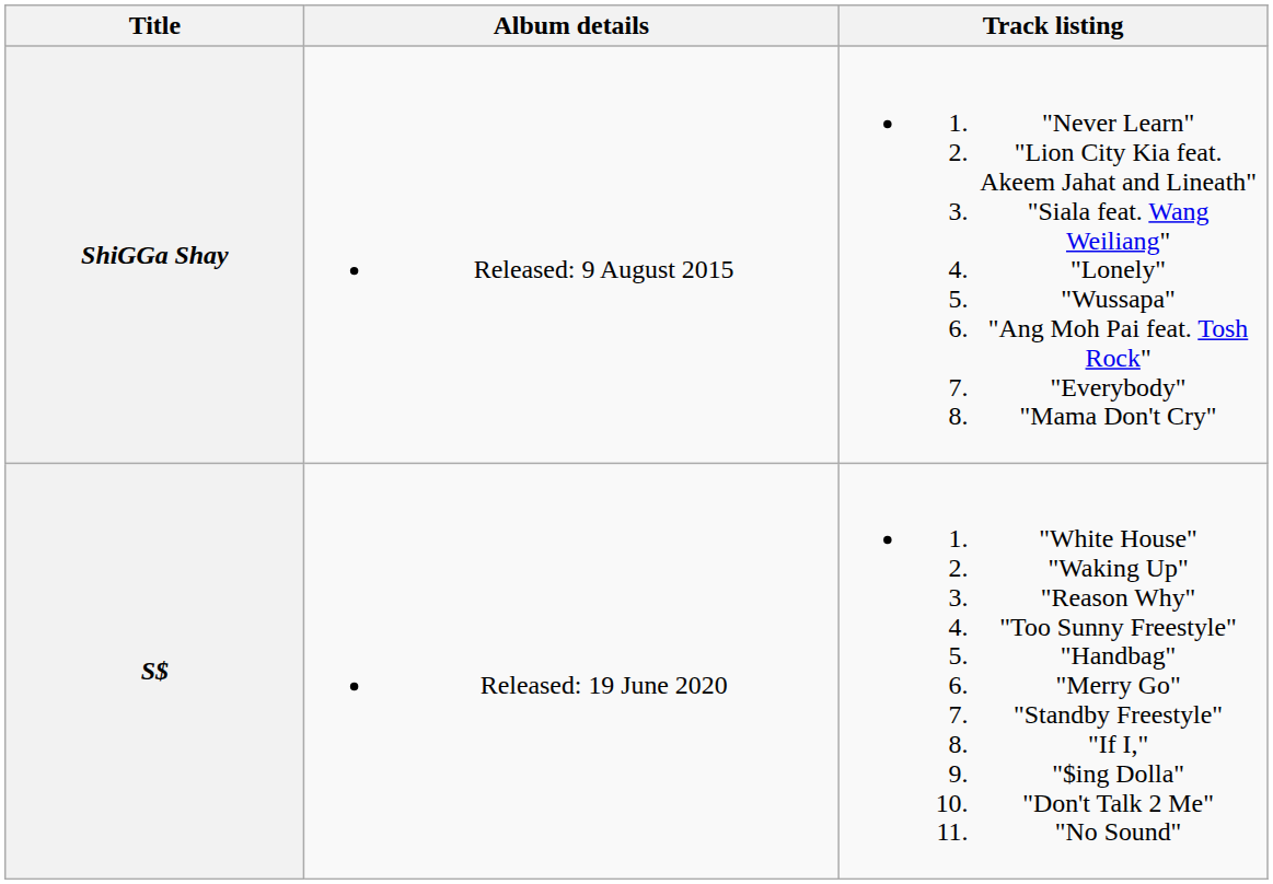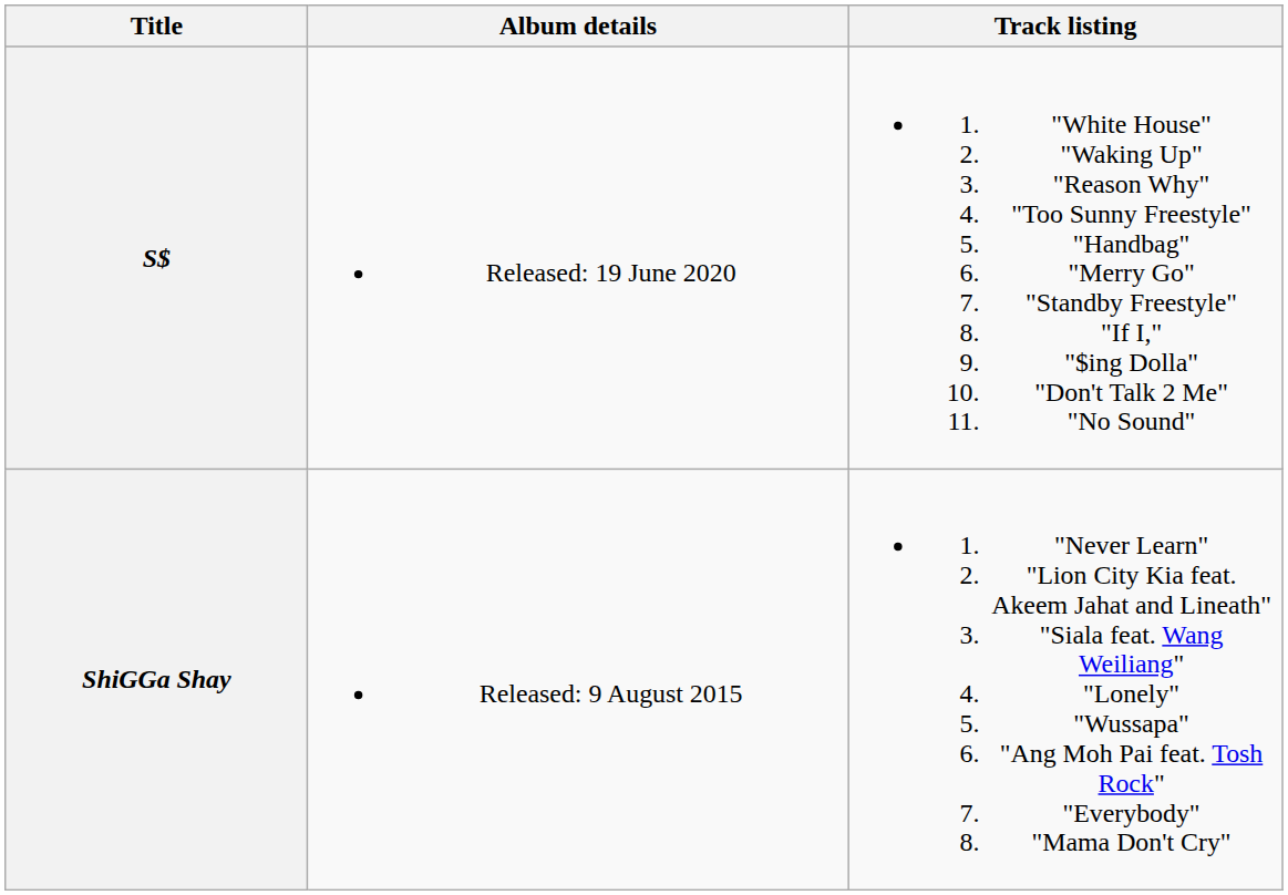 <table class="wikitable plainrowheaders" style="text-align:center;">
 <tr>
 <th scope="col" style="width:11em;">Title</th>
 <th scope="col" style="width:20em;">Album details</th>
 <th scope="col" style="width:16em;">Track listing</th>
 </tr>
 <tr>
+<th scope="row"><em>S$</em></th>
+<td><br><ul><li>Released: 19 June 2020</li></ul></td>
+<td><br><ul><li><ol><li>"White House"</li><li>"Waking Up"</li><li>"Reason Why"</li><li>"Too Sunny Freestyle"</li><li>"Handbag"</li><li>"Merry Go"</li><li>"Standby Freestyle"</li><li>"If I,"</li><li>"$ing Dolla"</li><li>"Don't Talk 2 Me"</li><li>"No Sound"</li></ol></li></ul></td>
+</tr>
+<tr>
 <th scope="row"><em>ShiGGa Shay</em></th>
 <td><br><ul><li>Released: 9 August 2015</li></ul></td>
 <td><br><ul><li><ol><li>"Never Learn"</li><li>"Lion City Kia feat. Akeem Jahat and Lineath"</li><li>"Siala feat. <a href='#'>Wang Weiliang</a>"</li><li>"Lonely"</li><li>"Wussapa"</li><li>"Ang Moh Pai feat. <a href='#'>Tosh Rock</a>"</li><li>"Everybody"</li><li>"Mama Don't Cry"</li></ol></li></ul></td>
 </tr>
-<tr>
-<th scope="row"><em>S$</em></th>
-<td><br><ul><li>Released: 19 June 2020</li></ul></td>
-<td><br><ul><li><ol><li>"White House"</li><li>"Waking Up"</li><li>"Reason Why"</li><li>"Too Sunny Freestyle"</li><li>"Handbag"</li><li>"Merry Go"</li><li>"Standby Freestyle"</li><li>"If I,"</li><li>"$ing Dolla"</li><li>"Don't Talk 2 Me"</li><li>"No Sound"</li></ol></li></ul></td>
-</tr>
 </table>
